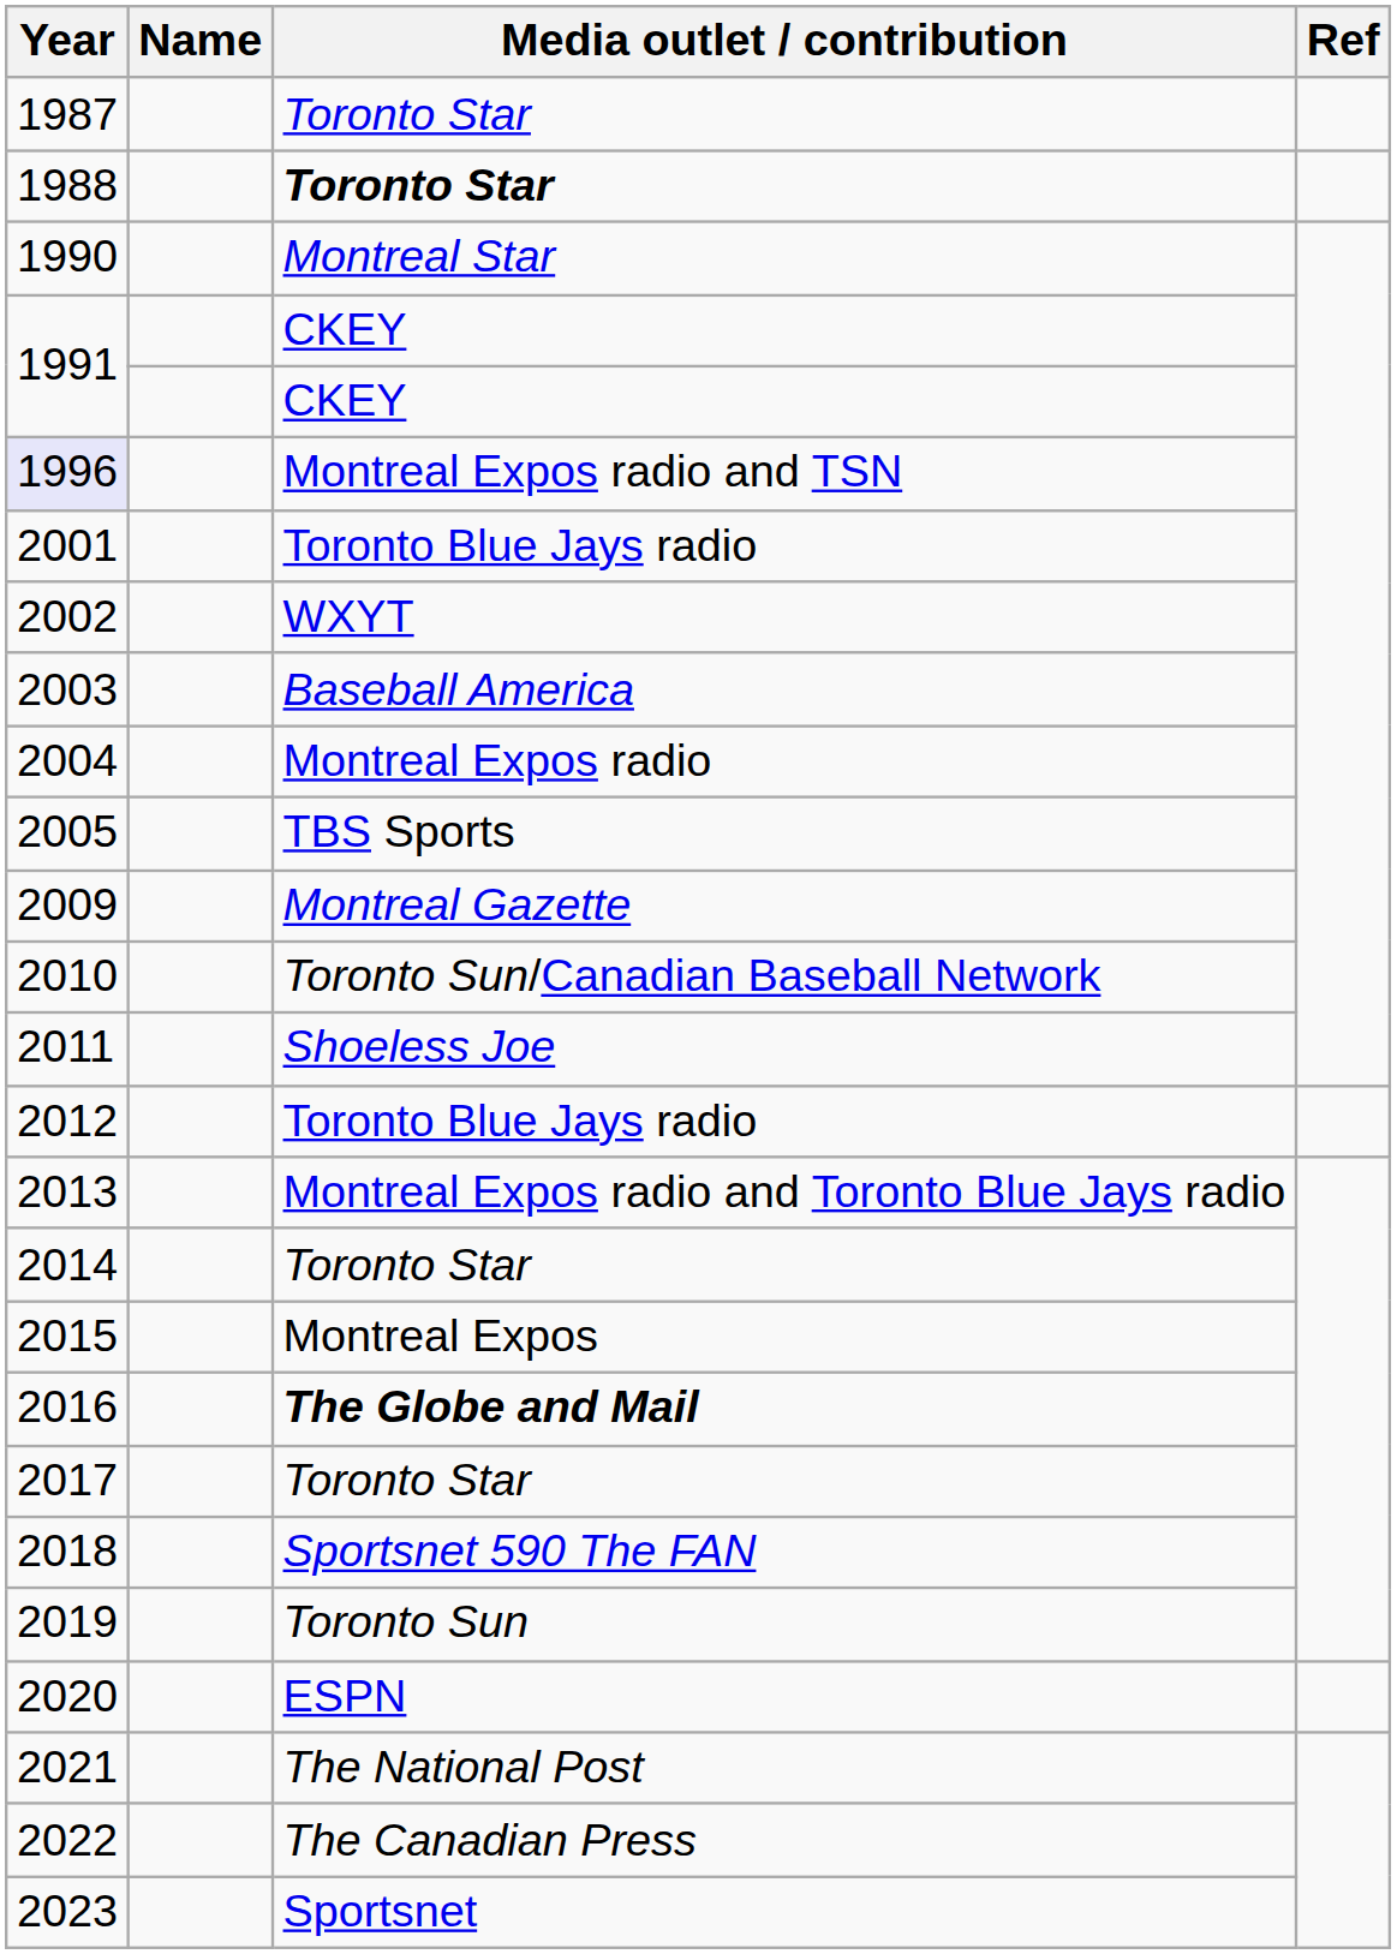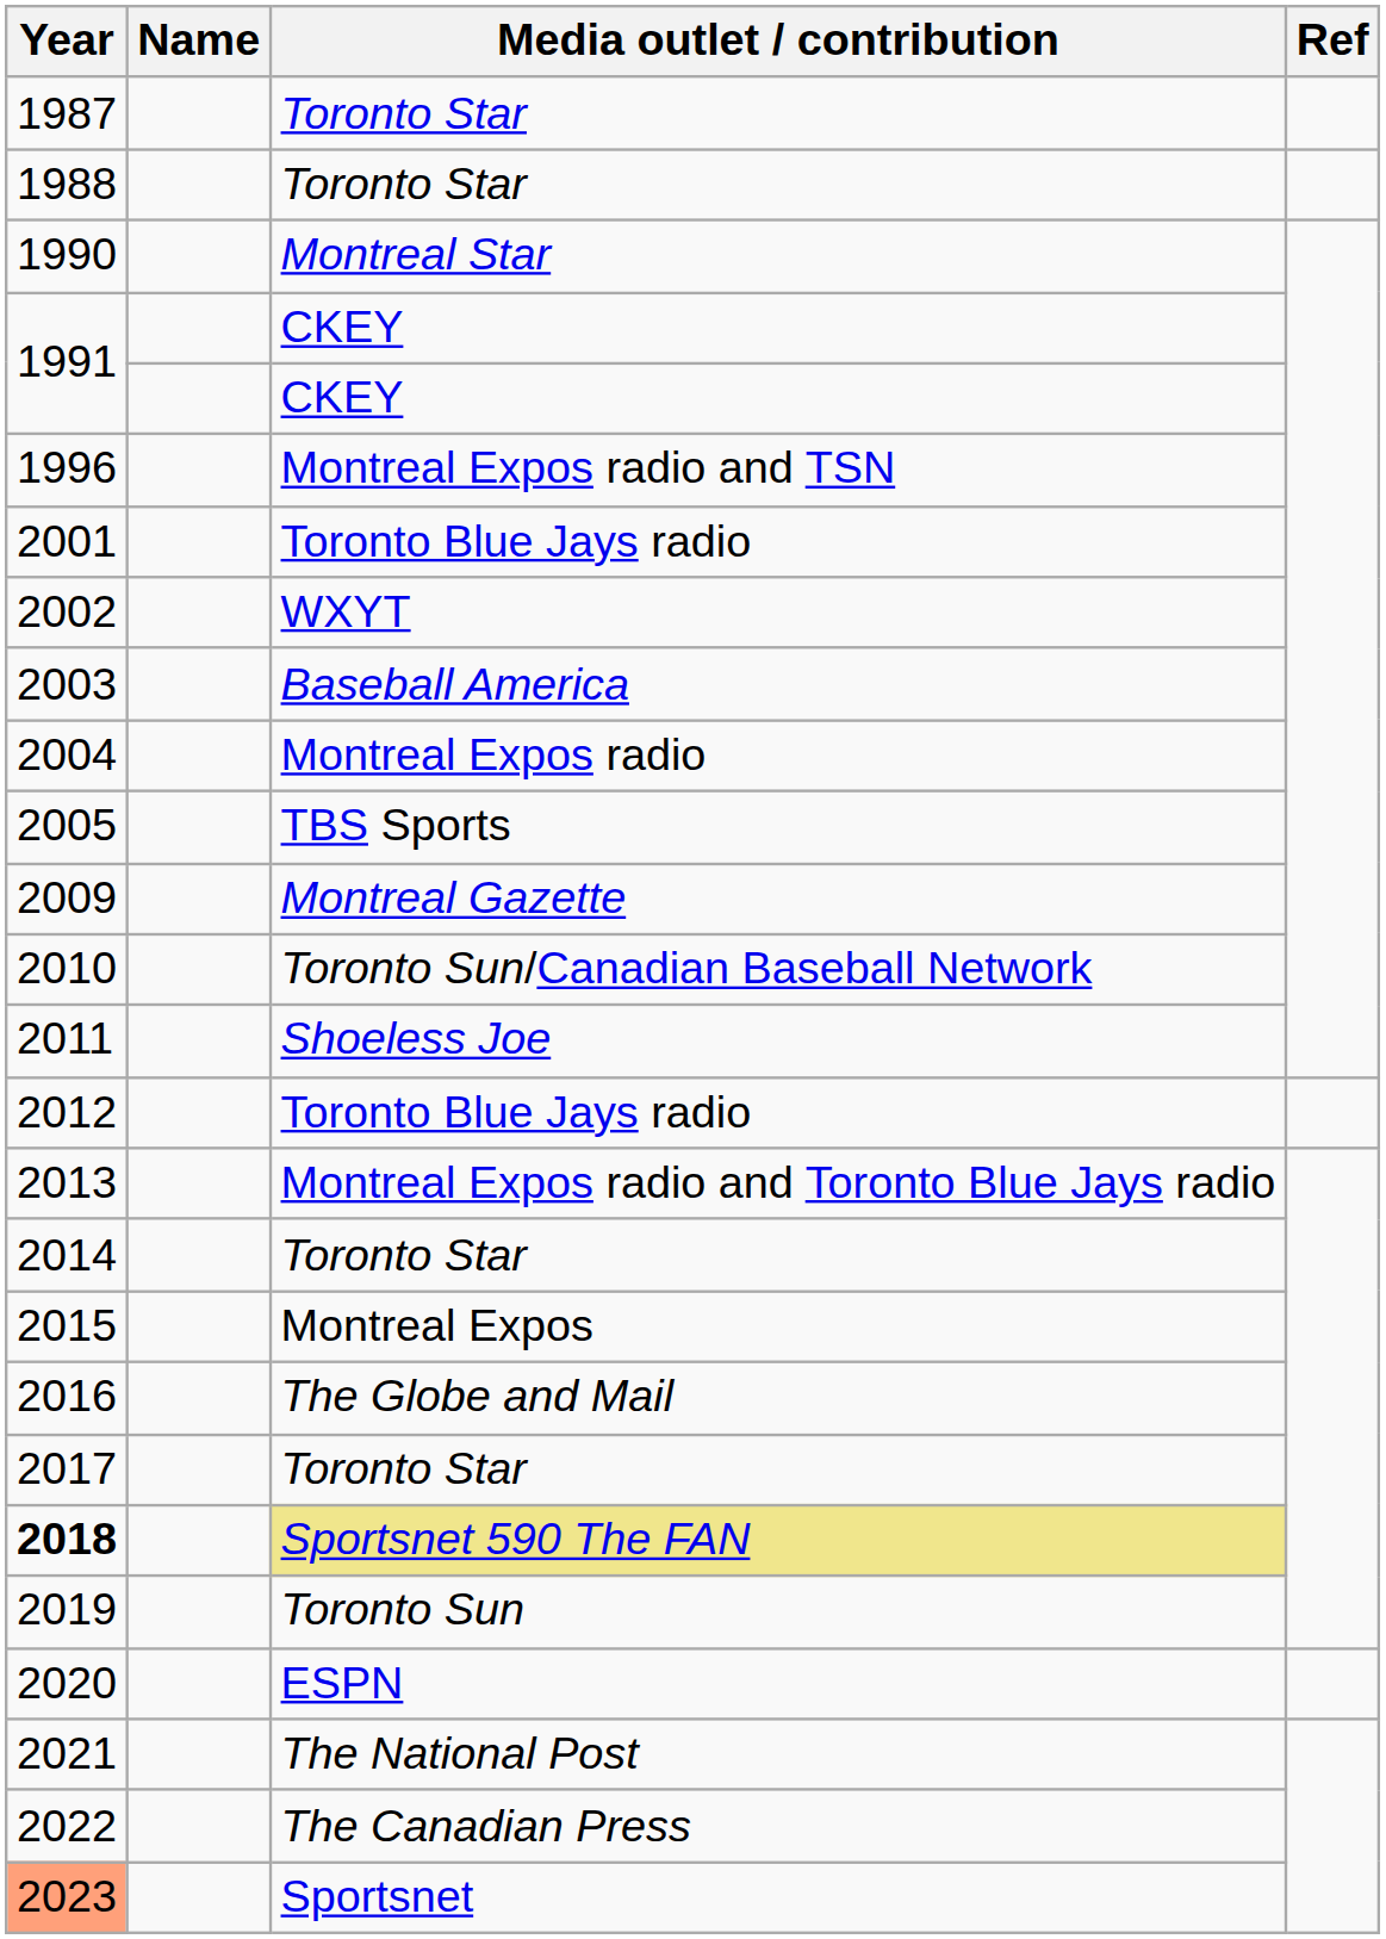 <table class="wikitable sortable plainrowheaders">
 <tr>
 <th scope="col">Year</th>
 <th scope="col">Name</th>
 <th scope="col">Media outlet / contribution</th>
 <th scope="col" class=unsortable>Ref</th>
 </tr>
 <tr>
 <td>1987</td>
 <td></td>
 <td><em><a href='#'>Toronto Star</a></em></td>
 <td></td>
 </tr>
 <tr>
 <td>1988</td>
 <td></td>
-<td><strong><em>Toronto Star</em></strong></td>
+<td><em>Toronto Star</em></td>
 <td></td>
 </tr>
 <tr>
 <td>1990</td>
 <td></td>
 <td><em><a href='#'>Montreal Star</a></em></td>
 </tr>
 <tr>
 <td rowspan=2>1991</td>
 <td></td>
 <td><a href='#'>CKEY</a></td>
 </tr>
 <tr>
 <td></td>
 <td><a href='#'>CKEY</a></td>
 </tr>
 <tr>
-<td style="background: lavender;">1996</td>
+<td>1996</td>
 <td></td>
 <td><a href='#'>Montreal Expos</a> radio and <a href='#'>TSN</a></td>
 </tr>
 <tr>
 <td>2001</td>
 <td></td>
 <td><a href='#'>Toronto Blue Jays</a> radio</td>
 </tr>
 <tr>
 <td>2002</td>
 <td></td>
 <td><a href='#'>WXYT</a></td>
 </tr>
 <tr>
 <td>2003</td>
 <td></td>
 <td><em><a href='#'>Baseball America</a></em></td>
 </tr>
 <tr>
 <td>2004</td>
 <td></td>
 <td><a href='#'>Montreal Expos</a> radio</td>
 </tr>
 <tr>
 <td>2005</td>
 <td></td>
 <td><a href='#'>TBS</a> Sports</td>
 </tr>
 <tr>
 <td>2009</td>
 <td></td>
 <td><em><a href='#'>Montreal Gazette</a></em></td>
 </tr>
 <tr>
 <td>2010</td>
 <td></td>
 <td><em>Toronto Sun</em>/<a href='#'>Canadian Baseball Network</a></td>
 </tr>
 <tr>
 <td>2011</td>
 <td></td>
 <td><em><a href='#'>Shoeless Joe</a></em></td>
 </tr>
 <tr>
 <td>2012</td>
 <td></td>
 <td><a href='#'>Toronto Blue Jays</a> radio</td>
 <td></td>
 </tr>
 <tr>
 <td>2013</td>
 <td></td>
 <td><a href='#'>Montreal Expos</a> radio and <a href='#'>Toronto Blue Jays</a> radio</td>
 </tr>
 <tr>
 <td>2014</td>
 <td></td>
 <td><em>Toronto Star</em></td>
 </tr>
 <tr>
 <td>2015</td>
 <td></td>
 <td>Montreal Expos</td>
 </tr>
 <tr>
 <td>2016</td>
 <td></td>
-<td><strong><em>The Globe and Mail</em></strong></td>
+<td><em>The Globe and Mail</em></td>
 </tr>
 <tr>
 <td>2017</td>
 <td></td>
 <td><em>Toronto Star</em></td>
 </tr>
 <tr>
-<td>2018</td>
+<td><strong>2018</strong></td>
 <td></td>
-<td><em><a href='#'>Sportsnet 590 The FAN</a></em></td>
+<td style="background: khaki;"><em><a href='#'>Sportsnet 590 The FAN</a></em></td>
 </tr>
 <tr>
 <td>2019</td>
 <td></td>
 <td><em>Toronto Sun</em></td>
 </tr>
 <tr>
 <td>2020</td>
 <td></td>
 <td><a href='#'>ESPN</a></td>
 <td></td>
 </tr>
 <tr>
 <td>2021</td>
 <td></td>
 <td><em>The National Post</em></td>
 </tr>
 <tr>
 <td>2022</td>
 <td></td>
 <td><em>The Canadian Press</em></td>
 </tr>
 <tr>
-<td>2023</td>
+<td style="background: lightsalmon;">2023</td>
 <td></td>
 <td><a href='#'>Sportsnet</a></td>
 </tr>
 </table>
